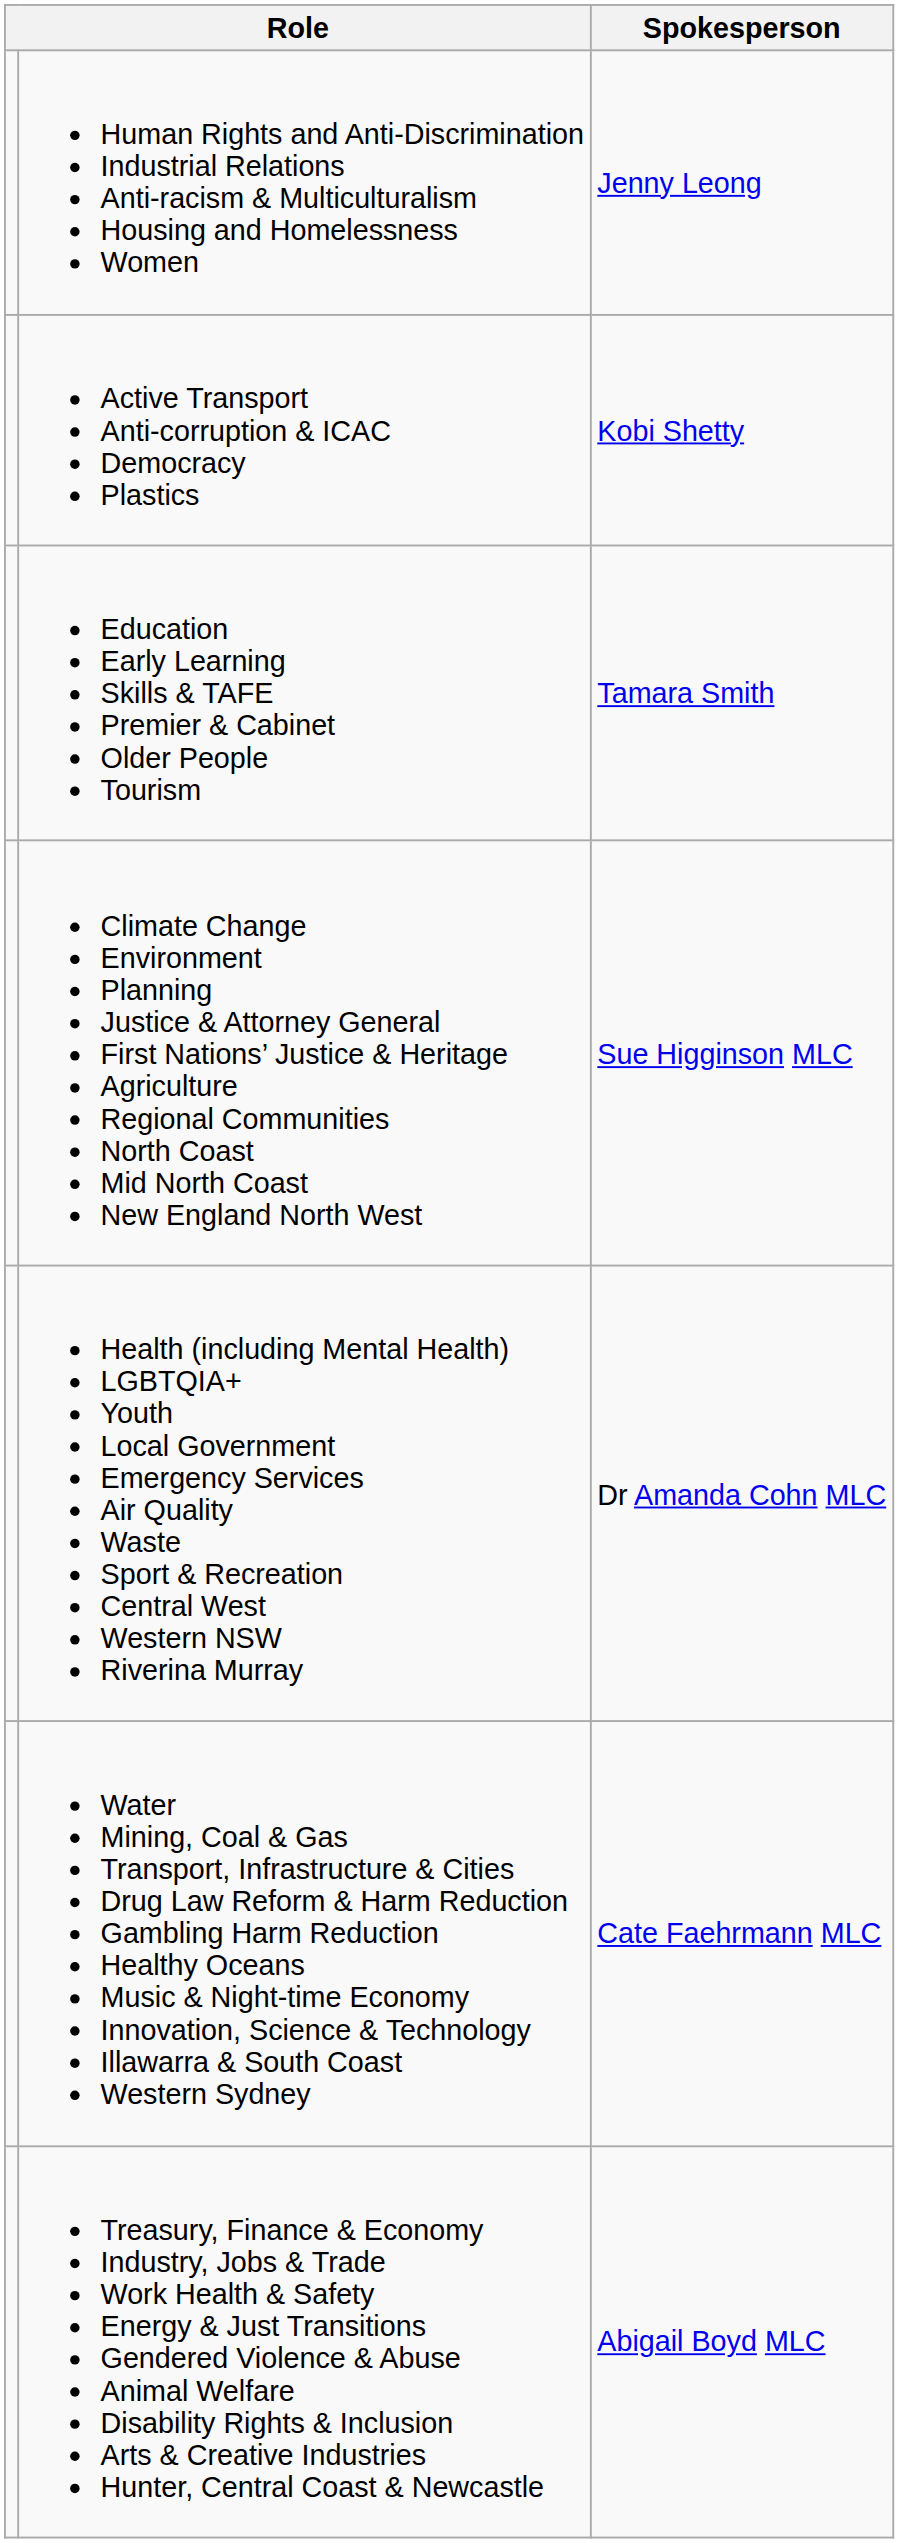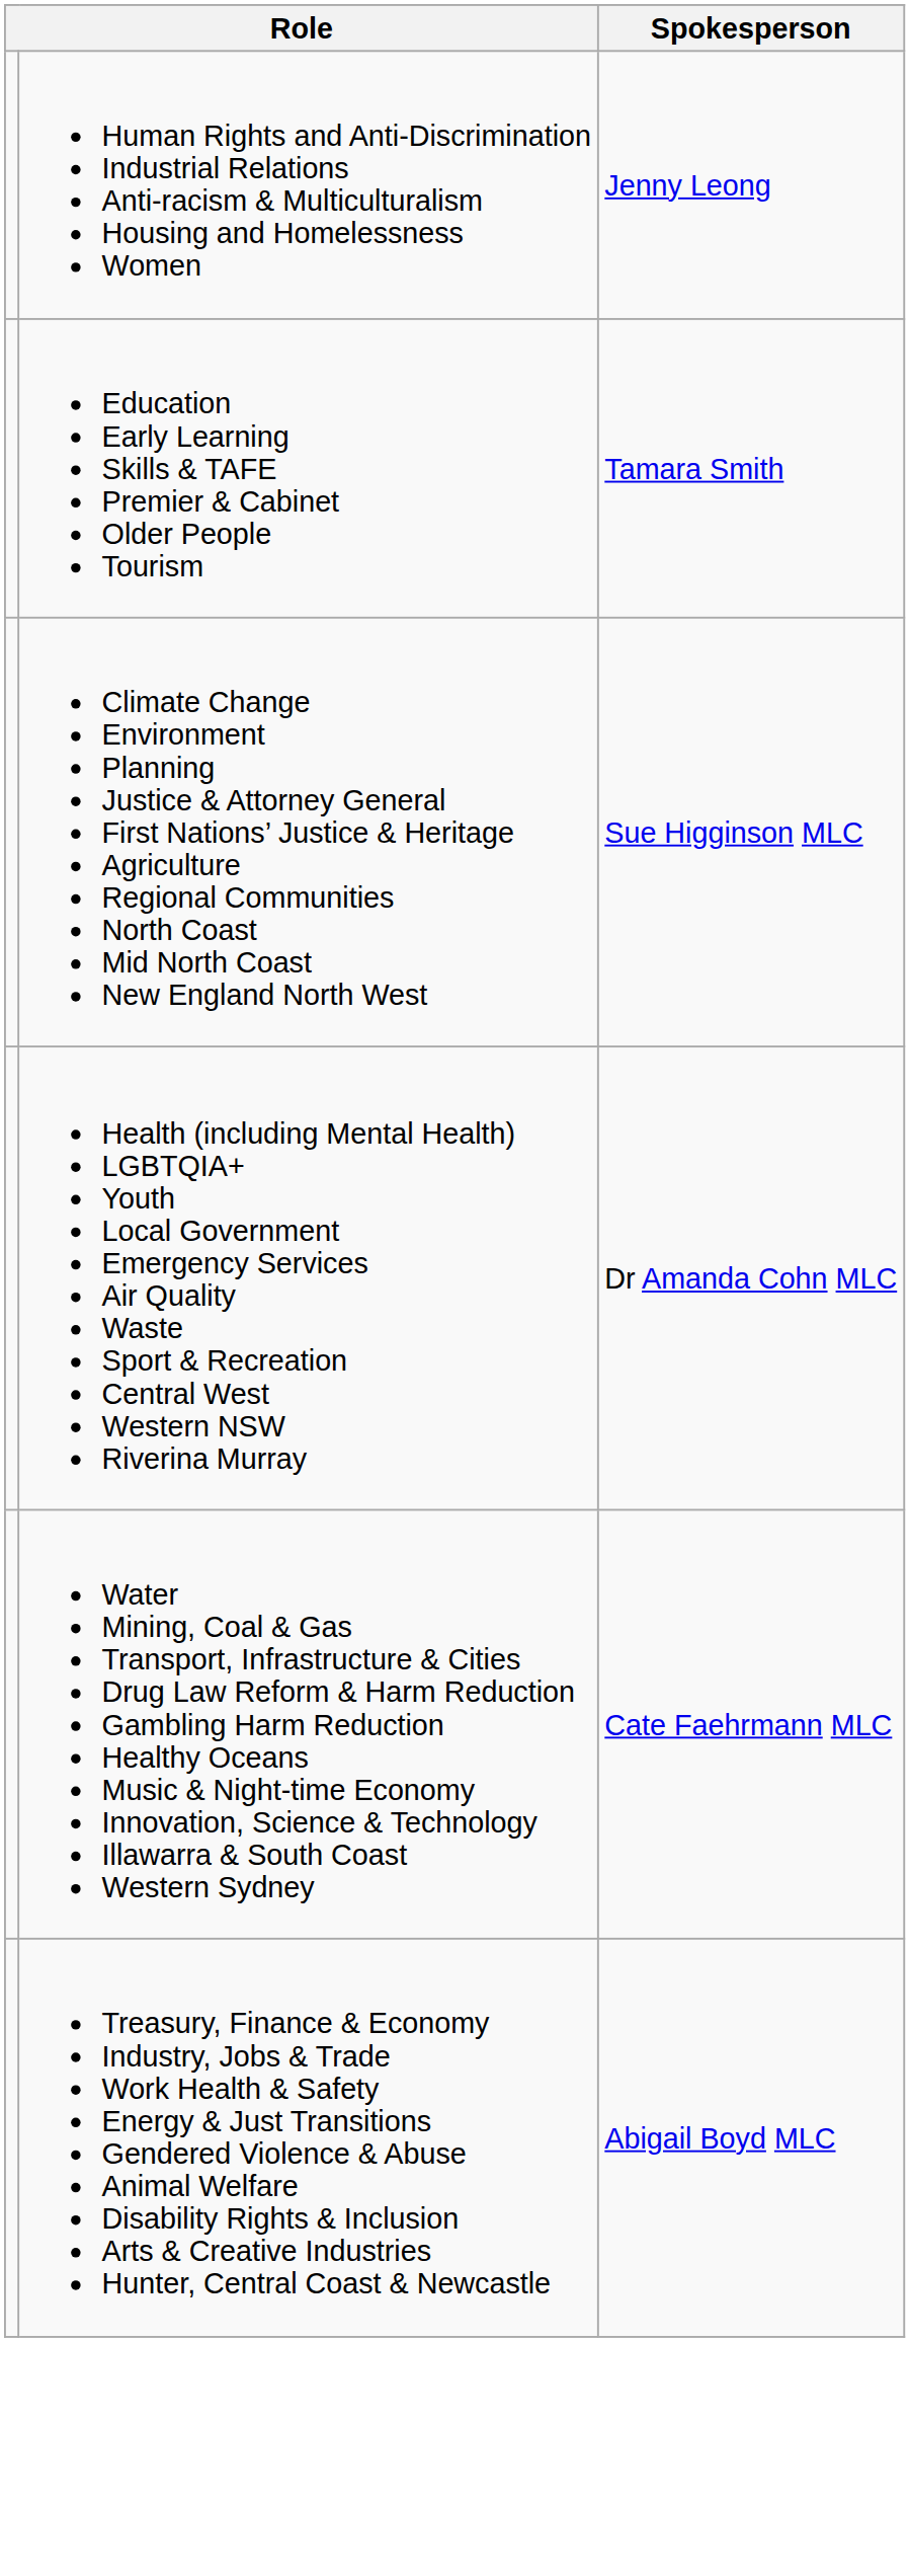 <table class="wikitable" style="text-align:left; font-size:95%">
 <tr>
 <th colspan=2>Role</th>
 <th>Spokesperson</th>
 </tr>
 <tr>
 <td style="background-color: "></td>
 <td><br><ul><li>Human Rights and Anti-Discrimination</li><li>Industrial Relations</li><li>Anti-racism & Multiculturalism</li><li>Housing and Homelessness</li><li>Women</li></ul></td>
 <td><a href='#'>Jenny Leong</a> </td>
-</tr>
-<tr>
-<td style="background-color: "></td>
-<td><br><ul><li>Active Transport</li><li>Anti-corruption & ICAC</li><li>Democracy</li><li>Plastics</li></ul></td>
-<td><a href='#'>Kobi Shetty</a> </td>
 </tr>
 <tr>
 <td style="background-color: "></td>
 <td><br><ul><li>Education</li><li>Early Learning</li><li>Skills & TAFE</li><li>Premier & Cabinet</li><li>Older People</li><li>Tourism</li></ul></td>
 <td><a href='#'>Tamara Smith</a> </td>
 </tr>
 <tr>
 <td style="background-color: "></td>
 <td><br><ul><li>Climate Change</li><li>Environment</li><li>Planning</li><li>Justice & Attorney General</li><li>First Nations’ Justice & Heritage</li><li>Agriculture</li><li>Regional Communities</li><li>North Coast</li><li>Mid North Coast</li><li>New England North West</li></ul></td>
 <td><a href='#'>Sue Higginson</a>  <a href='#'>MLC</a></td>
 </tr>
 <tr>
 <td style="background-color: "></td>
 <td><br><ul><li>Health (including Mental Health)</li><li>LGBTQIA+</li><li>Youth</li><li>Local Government</li><li>Emergency Services</li><li>Air Quality</li><li>Waste</li><li>Sport & Recreation</li><li>Central West</li><li>Western NSW</li><li>Riverina Murray</li></ul></td>
 <td>Dr <a href='#'>Amanda Cohn</a>  <a href='#'>MLC</a></td>
 </tr>
 <tr>
 <td style="background-color: "></td>
 <td><br><ul><li>Water</li><li>Mining, Coal & Gas</li><li>Transport, Infrastructure & Cities</li><li>Drug Law Reform & Harm Reduction</li><li>Gambling Harm Reduction</li><li>Healthy Oceans</li><li>Music & Night-time Economy</li><li>Innovation, Science & Technology</li><li>Illawarra & South Coast</li><li>Western Sydney</li></ul></td>
 <td><a href='#'>Cate Faehrmann</a>  <a href='#'>MLC</a></td>
 </tr>
 <tr>
 <td style="background-color: "></td>
 <td><br><ul><li>Treasury, Finance & Economy</li><li>Industry, Jobs & Trade</li><li>Work Health & Safety</li><li>Energy & Just Transitions</li><li>Gendered Violence & Abuse</li><li>Animal Welfare</li><li>Disability Rights & Inclusion</li><li>Arts & Creative Industries</li><li>Hunter, Central Coast & Newcastle</li></ul></td>
 <td><a href='#'>Abigail Boyd</a>  <a href='#'>MLC</a></td>
 </tr>
 </table>
